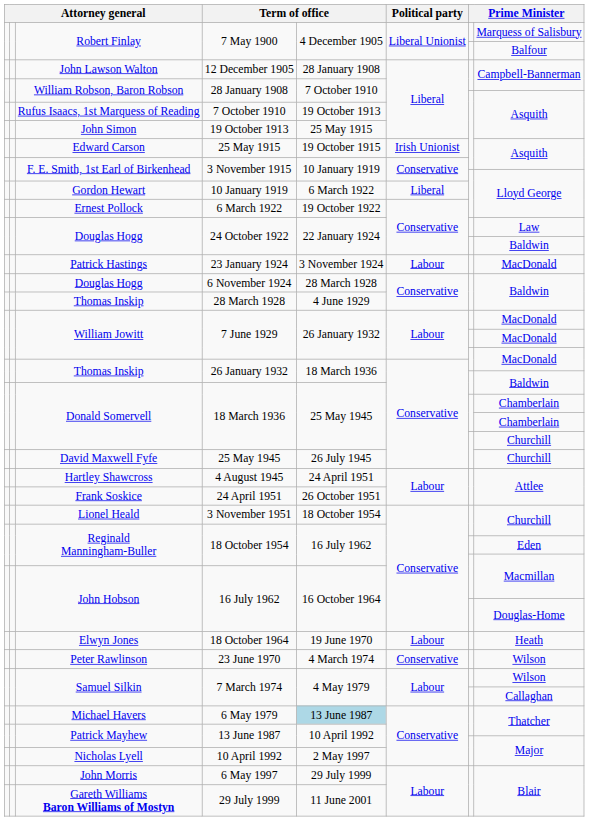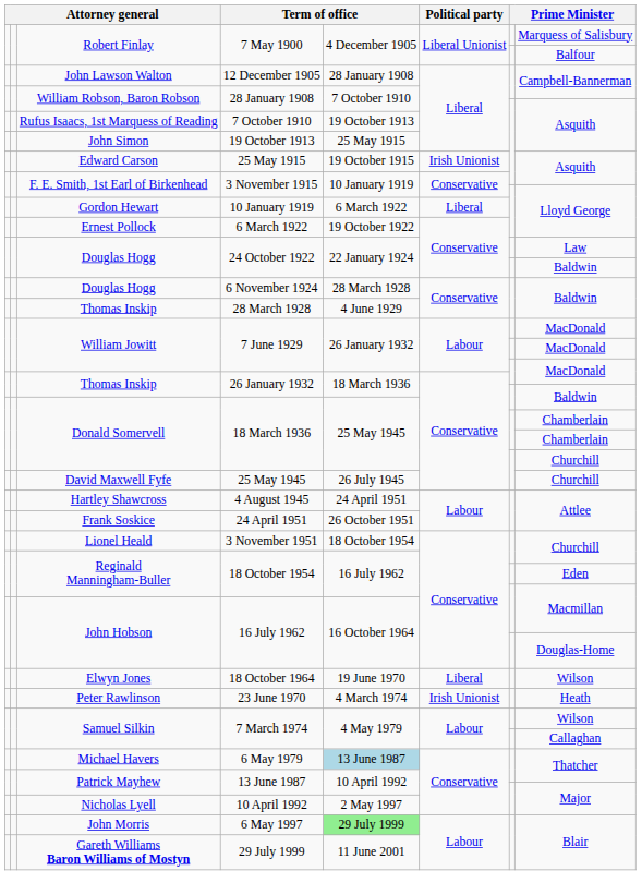 <table class="wikitable" style="text-align:center">
 <tr>
 <th colspan=3>Attorney general</th>
 <th colspan=2>Term of office</th>
 <th>Political party</th>
 <th colspan=2><a href='#'>Prime Minister</a></th>
 </tr>
 <tr style="height:1em">
 <td rowspan=2 style="background-color:"></td>
 <td rowspan=2></td>
 <td rowspan=2><a href='#'>Robert Finlay</a></td>
 <td rowspan=2>7 May 1900</td>
 <td rowspan=2>4 December 1905</td>
 <td rowspan=2><a href='#'>Liberal Unionist</a></td>
 <td style="background-Color:"></td>
 <td><a href='#'>Marquess of Salisbury</a><br></td>
 </tr>
 <tr style="height:1em">
 <td style="background-Color:"></td>
 <td><a href='#'>Balfour</a><br></td>
 </tr>
 <tr style="height:1em">
 <td style="background-color:"></td>
 <td></td>
 <td><a href='#'>John Lawson Walton</a></td>
 <td>12 December 1905</td>
 <td>28 January 1908</td>
 <td rowspan=5><a href='#'>Liberal</a></td>
 <td rowspan=2 style="background-color:"></td>
 <td rowspan=2><a href='#'>Campbell-Bannerman</a></td>
 </tr>
 <tr style="height:1em">
 <td rowspan=2 style="background-color:"></td>
 <td rowspan=2></td>
 <td rowspan=2><a href='#'>William Robson, Baron Robson</a></td>
 <td rowspan=2>28 January 1908</td>
 <td rowspan=2>7 October 1910</td>
 </tr>
 <tr style="height:1em">
 <td rowspan=5 style="background-color:"></td>
 <td rowspan=3><a href='#'>Asquith</a><br></td>
 </tr>
 <tr style="height:1em">
 <td style="background-color:"></td>
 <td></td>
 <td><a href='#'>Rufus Isaacs, 1st Marquess of Reading</a></td>
 <td>7 October 1910</td>
 <td>19 October 1913</td>
 </tr>
 <tr style="height:1em">
 <td style="background-color:"></td>
 <td></td>
 <td><a href='#'>John Simon</a></td>
 <td>19 October 1913</td>
 <td>25 May 1915</td>
 </tr>
 <tr style="height:1em">
 <td style="background-color:"></td>
 <td></td>
 <td><a href='#'>Edward Carson</a></td>
 <td>25 May 1915</td>
 <td>19 October 1915</td>
 <td><a href='#'>Irish Unionist</a></td>
 <td rowspan=2><a href='#'>Asquith</a><br></td>
 </tr>
 <tr style="height:1em">
 <td rowspan=2 style="background-color:"></td>
 <td rowspan=2></td>
 <td rowspan=2><a href='#'>F. E. Smith, 1st Earl of Birkenhead</a></td>
 <td rowspan=2>3 November 1915</td>
 <td rowspan=2>10 January 1919</td>
 <td rowspan=2><a href='#'>Conservative</a></td>
 </tr>
 <tr style="height:1em">
 <td rowspan=3 style="background-color:"></td>
 <td rowspan=3><a href='#'>Lloyd George</a><br></td>
 </tr>
 <tr style="height:1em">
 <td style="background-color:"></td>
 <td></td>
 <td><a href='#'>Gordon Hewart</a></td>
 <td>10 January 1919</td>
 <td>6 March 1922</td>
 <td><a href='#'>Liberal</a></td>
 </tr>
 <tr style="height:1em">
 <td style="background-color:"></td>
 <td></td>
 <td><a href='#'>Ernest Pollock</a></td>
 <td>6 March 1922</td>
 <td>19 October 1922</td>
 <td rowspan=3><a href='#'>Conservative</a></td>
 </tr>
 <tr style="height:1em">
 <td rowspan=2 style="background-color:"></td>
 <td rowspan=2></td>
 <td rowspan=2><a href='#'>Douglas Hogg</a></td>
 <td rowspan=2>24 October 1922</td>
 <td rowspan=2>22 January 1924</td>
 <td style="background-color:"></td>
 <td><a href='#'>Law</a></td>
 </tr>
 <tr style="height:1em">
 <td style="background-color:"></td>
 <td><a href='#'>Baldwin</a></td>
-</tr>
-<tr style="height:1em">
-<td style="background-color:"></td>
-<td></td>
-<td><a href='#'>Patrick Hastings</a></td>
-<td>23 January 1924</td>
-<td>3 November 1924</td>
-<td><a href='#'>Labour</a></td>
-<td style="background-color:"></td>
-<td><a href='#'>MacDonald</a></td>
 </tr>
 <tr style="height:1em">
 <td style="background-color:"></td>
 <td></td>
 <td><a href='#'>Douglas Hogg</a></td>
 <td>6 November 1924</td>
 <td>28 March 1928</td>
 <td rowspan=2><a href='#'>Conservative</a></td>
 <td rowspan=2 style="background-color:"></td>
 <td rowspan=2><a href='#'>Baldwin</a></td>
 </tr>
 <tr style="height:1em">
 <td style="background-color:"></td>
 <td></td>
 <td><a href='#'>Thomas Inskip</a></td>
 <td>28 March 1928</td>
 <td>4 June 1929</td>
 </tr>
 <tr style="height:1em">
 <td rowspan=3 style="background-color:"></td>
 <td rowspan=3></td>
 <td rowspan=3><a href='#'>William Jowitt</a></td>
 <td rowspan=3>7 June 1929</td>
 <td rowspan=3>26 January 1932</td>
 <td rowspan=3><a href='#'>Labour</a></td>
 <td style="background-color:"></td>
 <td><a href='#'>MacDonald</a><br></td>
 </tr>
 <tr style="height:1em">
 <td style="background-Color:"></td>
 <td><a href='#'>MacDonald</a><br></td>
 </tr>
 <tr style="height:1em">
 <td rowspan=2 style="background-Color:"></td>
 <td rowspan=2><a href='#'>MacDonald</a><br></td>
 </tr>
 <tr style="height:1em">
 <td rowspan=2 style="background-color:"></td>
 <td rowspan=2></td>
 <td rowspan=2><a href='#'>Thomas Inskip</a></td>
 <td rowspan=2>26 January 1932</td>
 <td rowspan=2>18 March 1936</td>
 <td rowspan=7><a href='#'>Conservative</a></td>
 </tr>
 <tr style="height:1em">
 <td rowspan=2 style="background-color:"></td>
 <td rowspan=2><a href='#'>Baldwin</a><br></td>
 </tr>
 <tr style="height:1em">
 <td rowspan=4 style="background-color:"></td>
 <td rowspan=4></td>
 <td rowspan=4><a href='#'>Donald Somervell</a></td>
 <td rowspan=4>18 March 1936</td>
 <td rowspan=4>25 May 1945</td>
 </tr>
 <tr style="height:1em">
 <td rowspan=2 style="background-color:"></td>
 <td><a href='#'>Chamberlain</a><br></td>
 </tr>
 <tr style="height:1em">
 <td><a href='#'>Chamberlain</a><br></td>
 </tr>
 <tr style="height:1em">
 <td rowspan=2 style="background-color:"></td>
 <td><a href='#'>Churchill</a><br></td>
 </tr>
 <tr style="height:1em">
 <td style="background-color:"></td>
 <td></td>
 <td><a href='#'>David Maxwell Fyfe</a><br></td>
 <td>25 May 1945</td>
 <td>26 July 1945</td>
 <td><a href='#'>Churchill</a><br></td>
 </tr>
 <tr style="height:1em">
 <td style="background-color:"></td>
 <td></td>
 <td><a href='#'>Hartley Shawcross</a><br></td>
 <td>4 August 1945</td>
 <td>24 April 1951</td>
 <td rowspan=2><a href='#'>Labour</a></td>
 <td rowspan=2 style="background-color:"></td>
 <td rowspan=2><a href='#'>Attlee</a></td>
 </tr>
 <tr style="height:1em">
 <td style="background-color:"></td>
 <td></td>
 <td><a href='#'>Frank Soskice</a><br></td>
 <td>24 April 1951</td>
 <td>26 October 1951</td>
 </tr>
 <tr style="height:1em">
 <td style="background-color:"></td>
 <td></td>
 <td><a href='#'>Lionel Heald</a><br></td>
 <td>3 November 1951</td>
 <td>18 October 1954</td>
 <td rowspan=6><a href='#'>Conservative</a></td>
 <td rowspan=2 style="background-color:"></td>
 <td rowspan=2><a href='#'>Churchill</a></td>
 </tr>
 <tr style="height:1em">
 <td rowspan=3 style="background-color:"></td>
 <td rowspan=3></td>
 <td rowspan=3><a href='#'>Reginald<br>Manningham-Buller</a><br></td>
 <td rowspan=3>18 October 1954</td>
 <td rowspan=3>16 July 1962</td>
 </tr>
 <tr style="height:1em">
 <td style="background-color:"></td>
 <td><a href='#'>Eden</a></td>
 </tr>
 <tr style="height:1em">
 <td rowspan=2 style="background-color:"></td>
 <td rowspan=2><a href='#'>Macmillan</a></td>
 </tr>
 <tr style="height:45px">
 <td rowspan=2 style="background-color:"></td>
 <td rowspan=2></td>
 <td rowspan=2><a href='#'>John Hobson</a><br></td>
 <td rowspan=2>16 July 1962</td>
 <td rowspan=2>16 October 1964</td>
 </tr>
 <tr style="height:45px">
 <td style="background-color:"></td>
 <td><a href='#'>Douglas-Home</a></td>
 </tr>
 <tr style="height:1em">
 <td style="background-color:"></td>
 <td></td>
 <td><a href='#'>Elwyn Jones</a><br></td>
 <td>18 October 1964</td>
 <td>19 June 1970</td>
-<td><a href='#'>Labour</a></td>
+<td><a href='#'>Liberal</a></td>
 <td style="background-color:"></td>
-<td><a href='#'>Heath</a></td>
+<td><a href='#'>Wilson</a></td>
 </tr>
 <tr style="height:1em">
 <td style="background-color:"></td>
 <td></td>
 <td><a href='#'>Peter Rawlinson</a><br></td>
 <td>23 June 1970</td>
 <td>4 March 1974</td>
-<td><a href='#'>Conservative</a></td>
+<td><a href='#'>Irish Unionist</a></td>
 <td style="background-color:"></td>
-<td><a href='#'>Wilson</a></td>
+<td><a href='#'>Heath</a></td>
 </tr>
 <tr style="height:1em">
 <td rowspan=2 style="background-color:"></td>
 <td rowspan=2></td>
 <td rowspan=2><a href='#'>Samuel Silkin</a><br></td>
 <td rowspan=2>7 March 1974</td>
 <td rowspan=2>4 May 1979</td>
 <td rowspan=2><a href='#'>Labour</a></td>
 <td style="background-color:"></td>
 <td><a href='#'>Wilson</a></td>
 </tr>
 <tr style="height:1em">
 <td style="background-color:"></td>
 <td><a href='#'>Callaghan</a></td>
 </tr>
 <tr style="height:1em">
 <td style="background-color:"></td>
 <td></td>
 <td><a href='#'>Michael Havers</a><br></td>
 <td>6 May 1979</td>
 <td style="background: lightblue;">13 June 1987</td>
 <td rowspan=4><a href='#'>Conservative</a></td>
 <td rowspan=2 style="background-color:"></td>
 <td rowspan=2><a href='#'>Thatcher</a></td>
 </tr>
 <tr style="height:1em">
 <td rowspan=2 style="background-color:"></td>
 <td rowspan=2></td>
 <td rowspan=2><a href='#'>Patrick Mayhew</a><br></td>
 <td rowspan=2>13 June 1987</td>
 <td rowspan=2>10 April 1992</td>
 </tr>
 <tr style="height:1em">
 <td rowspan=2 style="background-color:"></td>
 <td rowspan=2><a href='#'>Major</a></td>
 </tr>
 <tr style="height:1em">
 <td style="background-color:"></td>
 <td></td>
 <td><a href='#'>Nicholas Lyell</a><br></td>
 <td>10 April 1992</td>
 <td>2 May 1997</td>
 </tr>
 <tr style="height:1em">
 <td style="background-color:"></td>
 <td></td>
 <td><a href='#'>John Morris</a><br></td>
 <td>6 May 1997</td>
-<td>29 July 1999</td>
+<td style="background: lightgreen;">29 July 1999</td>
 <td rowspan=2><a href='#'>Labour</a></td>
 <td rowspan=2 style="background-color:"></td>
 <td rowspan=2><a href='#'>Blair</a></td>
 </tr>
 <tr style="height:1em">
 <td style="background-color:"></td>
 <td></td>
 <td><a href='#'>Gareth Williams<br><strong>Baron Williams of Mostyn</strong></a></td>
 <td>29 July 1999</td>
 <td>11 June 2001</td>
 </tr>
 </table>
